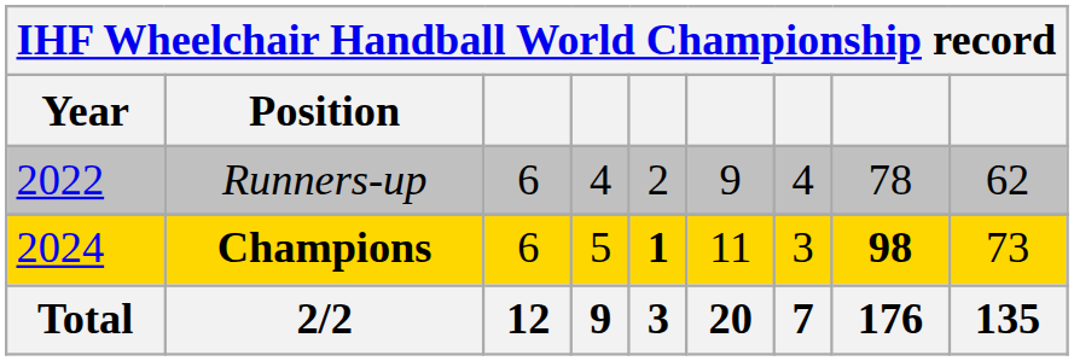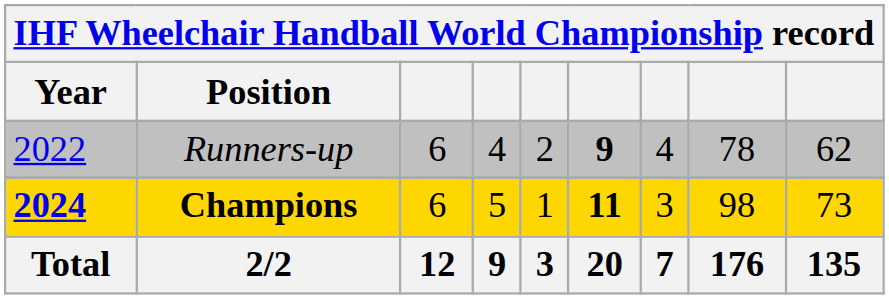 <table class="wikitable" style="text-align: center;">
 <tr>
 <th colspan=10><a href='#'>IHF Wheelchair Handball World Championship</a> record</th>
 </tr>
 <tr>
 <th>Year</th>
 <th>Position</th>
 <th></th>
 <th></th>
 <th></th>
 <th></th>
 <th></th>
 <th></th>
 <th></th>
 </tr>
 <tr bgcolor=silver>
 <td align=left> <a href='#'>2022</a></td>
 <td><em>Runners-up</em></td>
 <td>6</td>
 <td>4</td>
 <td>2</td>
-<td>9</td>
+<td><strong>9</strong></td>
 <td>4</td>
 <td>78</td>
 <td>62</td>
 </tr>
 <tr>
 </tr>
 <tr bgcolor=gold>
-<td align=left> <a href='#'>2024</a></td>
+<td align=left><strong> <a href='#'>2024</a></strong></td>
 <td><strong>Champions</strong></td>
 <td>6</td>
 <td>5</td>
-<td><strong>1</strong></td>
-<td>11</td>
+<td>1</td>
+<td><strong>11</strong></td>
 <td>3</td>
-<td><strong>98</strong></td>
+<td>98</td>
 <td>73</td>
 </tr>
 <tr>
 <th>Total</th>
 <th>2/2</th>
 <th>12</th>
 <th>9</th>
 <th>3</th>
 <th>20</th>
 <th>7</th>
 <th>176</th>
 <th>135</th>
 </tr>
 </table>
